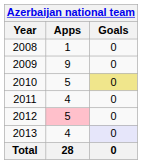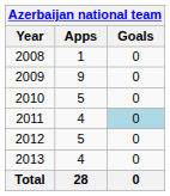 <table class="wikitable" style="text-align:center">
 <tr>
 <th colspan=3><a href='#'>Azerbaijan national team</a></th>
 </tr>
 <tr>
 <th>Year</th>
 <th>Apps</th>
 <th>Goals</th>
 </tr>
 <tr>
 <td>2008</td>
 <td>1</td>
 <td>0</td>
 </tr>
 <tr>
 <td>2009</td>
 <td>9</td>
 <td>0</td>
 </tr>
 <tr>
 <td>2010</td>
 <td>5</td>
-<td style="background: khaki;">0</td>
+<td>0</td>
 </tr>
 <tr>
 <td>2011</td>
 <td>4</td>
-<td>0</td>
+<td style="background: lightblue;">0</td>
 </tr>
 <tr>
 <td>2012</td>
-<td style="background: pink;">5</td>
+<td>5</td>
 <td>0</td>
 </tr>
 <tr>
 <td>2013</td>
 <td>4</td>
-<td style="background: lavender;">0</td>
+<td>0</td>
 </tr>
 <tr>
 <th>Total</th>
 <th>28</th>
 <th>0</th>
 </tr>
 </table>
